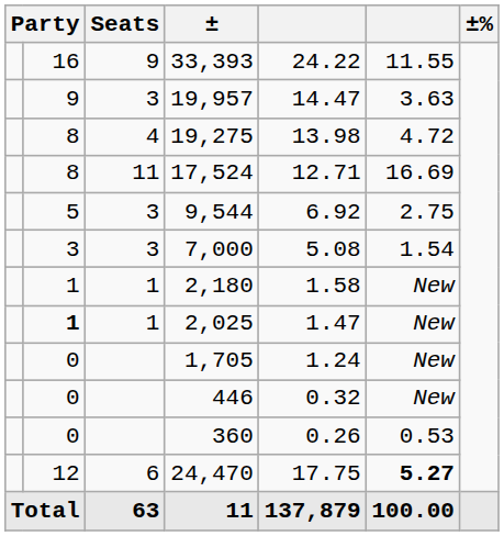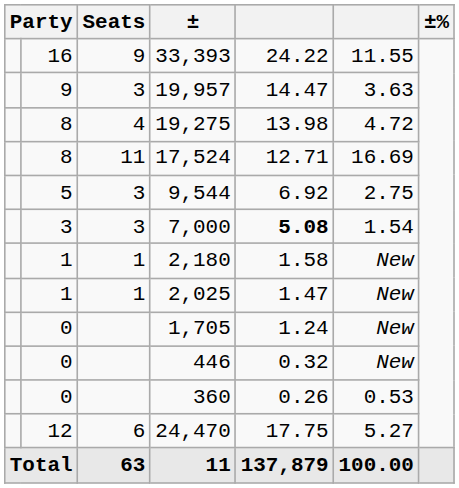 <table class=wikitable>
 <tr>
 <th colspan=2 align=center>Party</th>
 <th>Seats</th>
 <th>±</th>
 <th></th>
 <th></th>
 <th>±%</th>
 </tr>
 <tr>
 <td></td>
 <td align=right>16</td>
 <td align=right> 9</td>
 <td align=right>33,393</td>
 <td align=right>24.22</td>
 <td align=right> 11.55</td>
 </tr>
 <tr>
 <td></td>
 <td align=right>9</td>
 <td align=right> 3</td>
 <td align=right>19,957</td>
 <td align=right>14.47</td>
 <td align=right> 3.63</td>
 </tr>
 <tr>
 <td></td>
 <td align=right>8</td>
 <td align=right> 4</td>
 <td align=right>19,275</td>
 <td align=right>13.98</td>
 <td align=right> 4.72</td>
 </tr>
 <tr>
 <td></td>
 <td align=right>8</td>
 <td align=right> 11</td>
 <td align=right>17,524</td>
 <td align=right>12.71</td>
 <td align=right> 16.69</td>
 </tr>
 <tr>
 <td></td>
 <td align=right>5</td>
 <td align=right> 3</td>
 <td align=right>9,544</td>
 <td align=right>6.92</td>
 <td align=right> 2.75</td>
 </tr>
 <tr>
 <td></td>
 <td align=right>3</td>
 <td align=right> 3</td>
 <td align=right>7,000</td>
-<td align=right>5.08</td>
+<td align=right><strong>5.08</strong></td>
 <td align=right> 1.54</td>
 </tr>
 <tr>
 <td></td>
 <td align=right>1</td>
 <td align=right> 1</td>
 <td align=right>2,180</td>
 <td align=right>1.58</td>
 <td align=right><em>New</em></td>
 </tr>
 <tr>
 <td></td>
-<td align=right><strong>1</strong></td>
+<td align=right>1</td>
 <td align=right> 1</td>
 <td align=right>2,025</td>
 <td align=right>1.47</td>
 <td align=right><em>New</em></td>
 </tr>
 <tr>
 <td></td>
 <td align=right>0</td>
 <td align=right></td>
 <td align=right>1,705</td>
 <td align=right>1.24</td>
 <td align=right><em>New</em></td>
 </tr>
 <tr>
 <td></td>
 <td align=right>0</td>
 <td align=right></td>
 <td align=right>446</td>
 <td align=right>0.32</td>
 <td align=right><em>New</em></td>
 </tr>
 <tr>
 <td></td>
 <td align=right>0</td>
 <td align=right></td>
 <td align=right>360</td>
 <td align=right>0.26</td>
 <td align=right> 0.53</td>
 </tr>
 <tr>
 <td></td>
 <td align=right>12</td>
 <td align=right> 6</td>
 <td align=right>24,470</td>
 <td align=right>17.75</td>
-<td align=right><strong> 5.27</strong></td>
+<td align=right> 5.27</td>
 </tr>
 <tr style="font-weight:bold; background:rgb(232,232,232);">
 <td colspan=2 align=center>Total</td>
 <td align=right>63</td>
 <td align=right> 11</td>
 <td align=right>137,879</td>
 <td align=center>100.00</td>
 <td align=center></td>
 </tr>
 </table>
